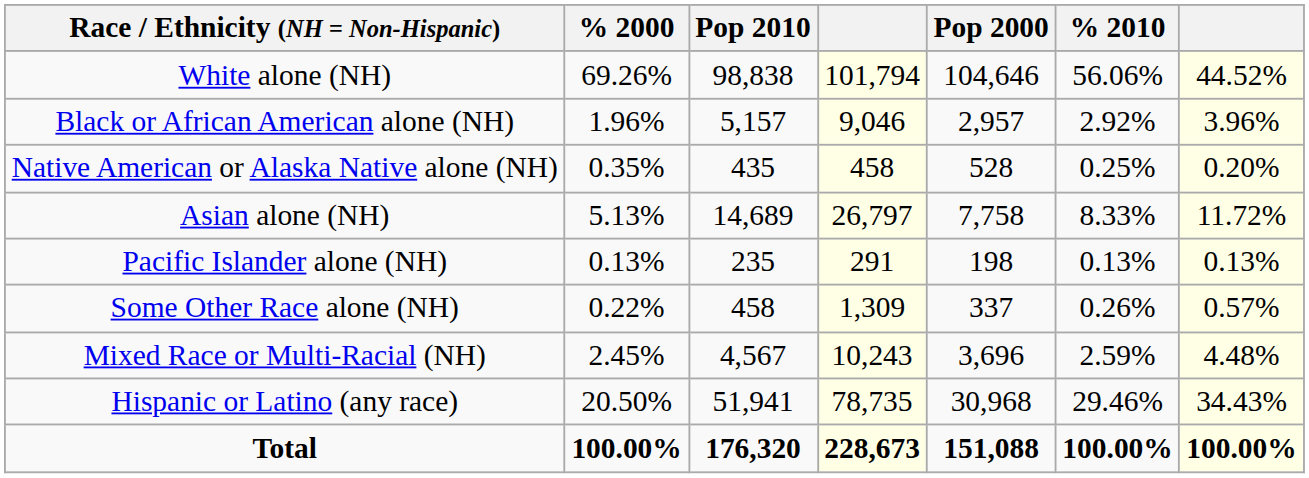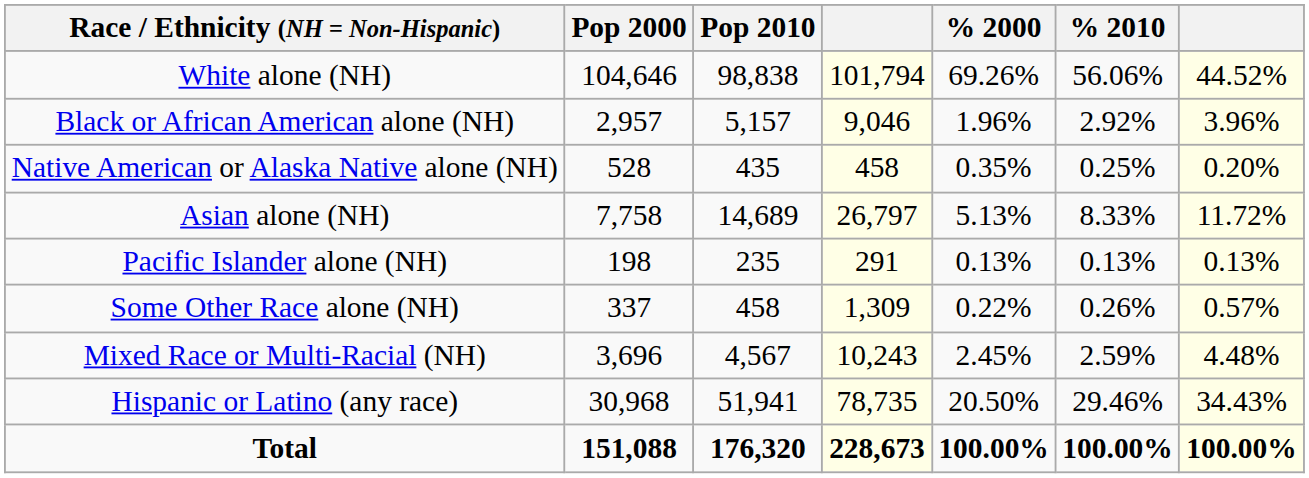 <table class="wikitable" style="text-align:center;">
 <tr>
 <th>Race / Ethnicity <small>(<em>NH = Non-Hispanic</em>)</small></th>
-<th>% 2000</th>
+<th>Pop 2000</th>
 <th>Pop 2010</th>
 <th></th>
-<th>Pop 2000</th>
+<th>% 2000</th>
 <th>% 2010</th>
 <th></th>
 </tr>
 <tr>
 <td><a href='#'>White</a> alone (NH)</td>
-<td>69.26%</td>
+<td>104,646</td>
 <td>98,838</td>
 <td style='background: #ffffe6;'>101,794</td>
-<td>104,646</td>
+<td>69.26%</td>
 <td>56.06%</td>
 <td style='background: #ffffe6;'>44.52%</td>
 </tr>
 <tr>
 <td><a href='#'>Black or African American</a> alone (NH)</td>
-<td>1.96%</td>
+<td>2,957</td>
 <td>5,157</td>
 <td style='background: #ffffe6;'>9,046</td>
-<td>2,957</td>
+<td>1.96%</td>
 <td>2.92%</td>
 <td style='background: #ffffe6;'>3.96%</td>
 </tr>
 <tr>
 <td><a href='#'>Native American</a> or <a href='#'>Alaska Native</a> alone (NH)</td>
-<td>0.35%</td>
+<td>528</td>
 <td>435</td>
 <td style='background: #ffffe6;'>458</td>
-<td>528</td>
+<td>0.35%</td>
 <td>0.25%</td>
 <td style='background: #ffffe6;'>0.20%</td>
 </tr>
 <tr>
 <td><a href='#'>Asian</a> alone (NH)</td>
-<td>5.13%</td>
+<td>7,758</td>
 <td>14,689</td>
 <td style='background: #ffffe6;'>26,797</td>
-<td>7,758</td>
+<td>5.13%</td>
 <td>8.33%</td>
 <td style='background: #ffffe6;'>11.72%</td>
 </tr>
 <tr>
 <td><a href='#'>Pacific Islander</a> alone (NH)</td>
-<td>0.13%</td>
+<td>198</td>
 <td>235</td>
 <td style='background: #ffffe6;'>291</td>
-<td>198</td>
+<td>0.13%</td>
 <td>0.13%</td>
 <td style='background: #ffffe6;'>0.13%</td>
 </tr>
 <tr>
 <td><a href='#'>Some Other Race</a> alone (NH)</td>
-<td>0.22%</td>
+<td>337</td>
 <td>458</td>
 <td style='background: #ffffe6;'>1,309</td>
-<td>337</td>
+<td>0.22%</td>
 <td>0.26%</td>
 <td style='background: #ffffe6;'>0.57%</td>
 </tr>
 <tr>
 <td><a href='#'>Mixed Race or Multi-Racial</a> (NH)</td>
-<td>2.45%</td>
+<td>3,696</td>
 <td>4,567</td>
 <td style='background: #ffffe6;'>10,243</td>
-<td>3,696</td>
+<td>2.45%</td>
 <td>2.59%</td>
 <td style='background: #ffffe6;'>4.48%</td>
 </tr>
 <tr>
 <td><a href='#'>Hispanic or Latino</a> (any race)</td>
-<td>20.50%</td>
+<td>30,968</td>
 <td>51,941</td>
 <td style='background: #ffffe6;'>78,735</td>
-<td>30,968</td>
+<td>20.50%</td>
 <td>29.46%</td>
 <td style='background: #ffffe6;'>34.43%</td>
 </tr>
 <tr>
 <td><strong>Total</strong></td>
-<td><strong>100.00%</strong></td>
+<td><strong>151,088</strong></td>
 <td><strong>176,320</strong></td>
 <td style='background: #ffffe6;'><strong>228,673</strong></td>
-<td><strong>151,088</strong></td>
+<td><strong>100.00%</strong></td>
 <td><strong>100.00%</strong></td>
 <td style='background: #ffffe6;'><strong>100.00%</strong></td>
 </tr>
 </table>
